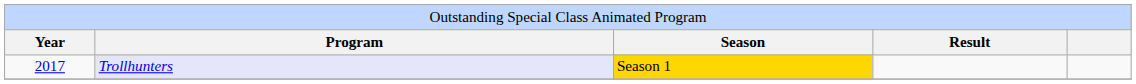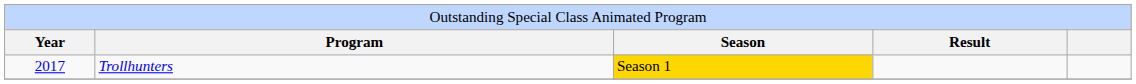 <table class="wikitable plainrowheaders" style="font-size: 90%" width=85%>
 <tr>
 </tr>
 <tr ---- bgcolor="#bfd7ff">
 <td colspan=6 align=center>Outstanding Special Class Animated Program</td>
 </tr>
 <tr ---- bgcolor="#ebf5ff">
 <th scope="col" style="width:7%;">Year</th>
 <th scope="col" style="width:40%;">Program</th>
 <th scope="col" style="width:20%;">Season</th>
 <th scope="col" style="width:15%;">Result</th>
 <th scope="col" class="unsortable" style="width:5%;"></th>
 </tr>
 <tr>
 <td style="text-align:center;"><a href='#'>2017</a></td>
-<td style="background: lavender;"><em><a href='#'>Trollhunters</a></em></td>
+<td><em><a href='#'>Trollhunters</a></em></td>
 <td style="background: gold;">Season 1</td>
 <td></td>
 <td style="text-align:center;"></td>
 </tr>
 <tr>
 </tr>
 </table>
